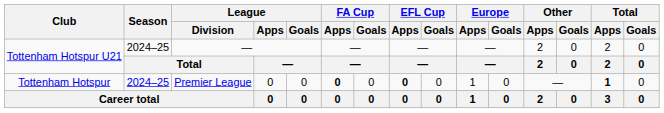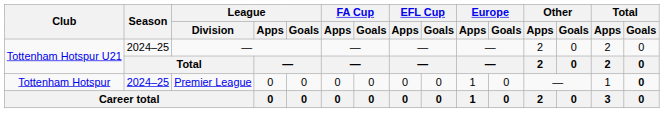 <table class="wikitable" style="text-align: center;">
 <tr>
 <th rowspan="2">Club</th>
 <th rowspan="2">Season</th>
 <th colspan="3">League</th>
 <th colspan="2"><a href='#'>FA Cup</a></th>
 <th colspan="2"><a href='#'>EFL Cup</a></th>
 <th colspan="2"><a href='#'>Europe</a></th>
 <th colspan="2">Other</th>
 <th colspan="2">Total</th>
 </tr>
 <tr>
 <th>Division</th>
 <th>Apps</th>
 <th>Goals</th>
 <th>Apps</th>
 <th>Goals</th>
 <th>Apps</th>
 <th>Goals</th>
 <th>Apps</th>
 <th>Goals</th>
 <th>Apps</th>
 <th>Goals</th>
 <th>Apps</th>
 <th>Goals</th>
 </tr>
 <tr>
 <td rowspan="2"><a href='#'>Tottenham Hotspur U21</a></td>
 <td>2024–25</td>
 <td colspan="3">—</td>
 <td colspan="2">—</td>
 <td colspan="2">—</td>
 <td colspan="2">—</td>
 <td>2</td>
 <td>0</td>
 <td>2</td>
 <td>0</td>
 </tr>
 <tr>
 <th colspan="2">Total</th>
 <th colspan="2">—</th>
 <th colspan="2">—</th>
 <th colspan="2">—</th>
 <th colspan="2">—</th>
 <th>2</th>
 <th>0</th>
 <th>2</th>
 <th>0</th>
 </tr>
 <tr>
 <td><a href='#'>Tottenham Hotspur</a></td>
 <td><a href='#'>2024–25</a></td>
 <td><a href='#'>Premier League</a></td>
 <td>0</td>
 <td>0</td>
-<td><strong>0</strong></td>
 <td>0</td>
-<td><strong>0</strong></td>
+<td>0</td>
+<td>0</td>
 <td>0</td>
 <td>1</td>
 <td>0</td>
 <td colspan="2">—</td>
-<td><strong>1</strong></td>
-<td>0</td>
+<td>1</td>
+<td><strong>0</strong></td>
 </tr>
 <tr>
 <th colspan="3">Career total</th>
 <th>0</th>
 <th>0</th>
 <th>0</th>
 <th>0</th>
 <th>0</th>
 <th>0</th>
 <th>1</th>
 <th>0</th>
 <th>2</th>
 <th>0</th>
 <th>3</th>
 <th>0</th>
 </tr>
 </table>
